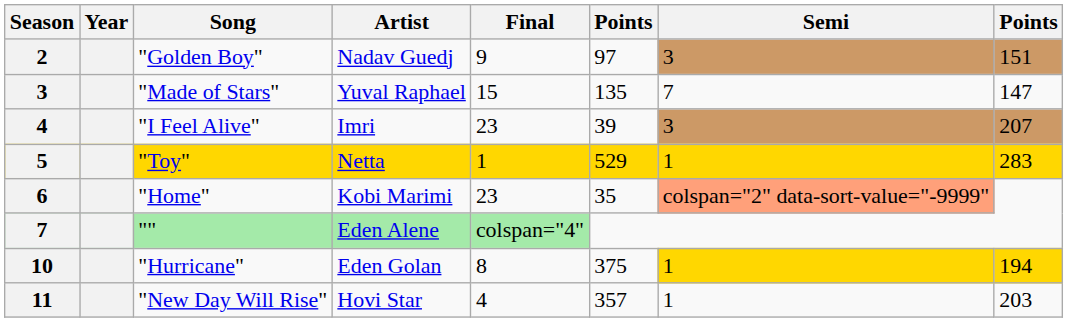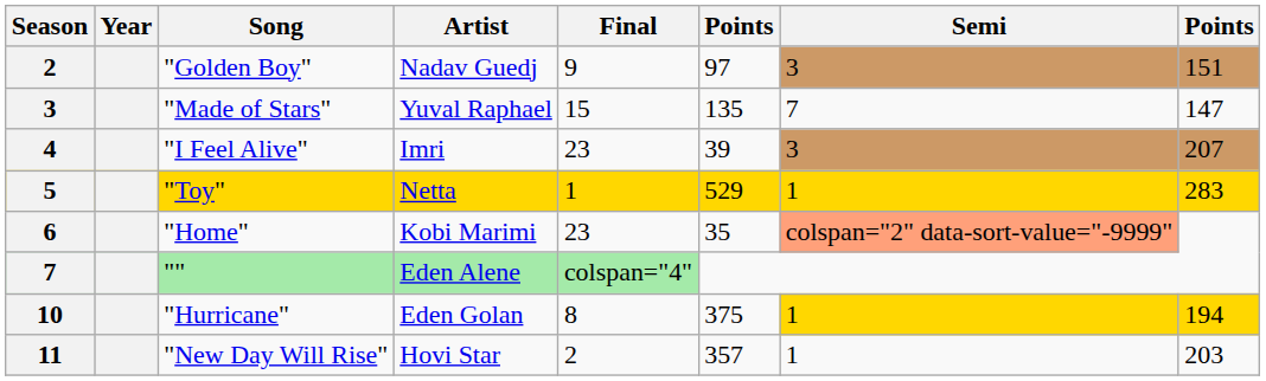 <table class="wikitable sortable">
 <tr>
 <th>Season</th>
 <th>Year</th>
 <th>Song</th>
 <th>Artist</th>
 <th>Final</th>
 <th>Points</th>
 <th>Semi</th>
 <th>Points</th>
 </tr>
 <tr>
 <th>2</th>
 <th scope="row"></th>
 <td>"<a href='#'>Golden Boy</a>"</td>
 <td><a href='#'>Nadav Guedj</a></td>
 <td>9</td>
 <td>97</td>
 <td style="background:#c96;">3</td>
 <td style="background:#c96;">151</td>
 </tr>
 <tr>
 <th>3</th>
 <th scope="row"></th>
 <td>"<a href='#'>Made of Stars</a>"</td>
 <td><a href='#'>Yuval Raphael</a></td>
 <td>15</td>
 <td>135</td>
 <td>7</td>
 <td>147</td>
 </tr>
 <tr>
 <th>4</th>
 <th scope="row"></th>
 <td>"<a href='#'>I Feel Alive</a>"</td>
 <td><a href='#'>Imri</a></td>
 <td>23</td>
 <td>39</td>
 <td style="background:#c96;">3</td>
 <td style="background:#c96;">207</td>
 </tr>
 <tr style="background:gold;">
 <th>5</th>
 <th scope="row"></th>
 <td>"<a href='#'>Toy</a>"</td>
 <td><a href='#'>Netta</a></td>
 <td>1</td>
 <td>529</td>
 <td>1</td>
 <td>283</td>
 </tr>
 <tr>
 <th>6</th>
 <th scope="row"></th>
 <td>"<a href='#'>Home</a>"</td>
 <td><a href='#'>Kobi Marimi</a></td>
 <td>23</td>
 <td>35</td>
 <td style="background: lightsalmon;">colspan="2" data-sort-value="-9999" </td>
 </tr>
 <tr bgcolor="#A4EAA9">
 <th>7</th>
 <th scope="row"></th>
 <td>"" </td>
 <td><a href='#'>Eden Alene</a></td>
 <td>colspan="4" </td>
 </tr>
 <tr>
 <th>10</th>
 <th scope="row"></th>
 <td>"<a href='#'>Hurricane</a>"</td>
 <td><a href='#'>Eden Golan</a></td>
 <td>8</td>
 <td>375</td>
 <td style="background:gold;">1</td>
 <td style="background:gold;">194</td>
 </tr>
 <tr>
 <th>11</th>
 <th scope="row"></th>
 <td>"<a href='#'>New Day Will Rise</a>"</td>
 <td><a href='#'>Hovi Star</a></td>
-<td>4</td>
+<td>2</td>
 <td>357</td>
 <td>1</td>
 <td>203</td>
 </tr>
 </table>
